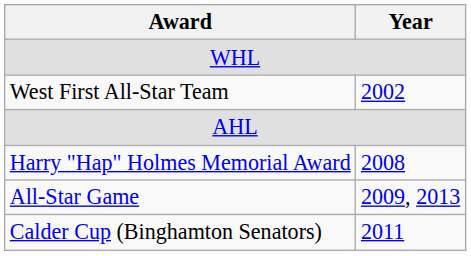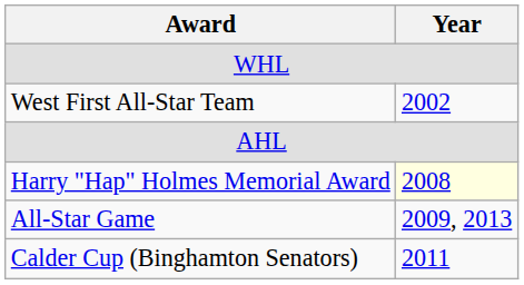 <table class="wikitable">
 <tr>
 <th>Award</th>
 <th>Year</th>
 </tr>
 <tr ALIGN="center" bgcolor="#e0e0e0">
 <td colspan="2"><a href='#'>WHL</a></td>
 </tr>
 <tr>
 <td>West First All-Star Team</td>
 <td><a href='#'>2002</a></td>
 </tr>
 <tr ALIGN="center" bgcolor="#e0e0e0">
 <td colspan="2"><a href='#'>AHL</a></td>
 </tr>
 <tr>
 <td><a href='#'>Harry "Hap" Holmes Memorial Award</a></td>
-<td><a href='#'>2008</a></td>
+<td style="background: lightyellow;"><a href='#'>2008</a></td>
 </tr>
 <tr>
 <td><a href='#'>All-Star Game</a></td>
 <td><a href='#'>2009</a>, <a href='#'>2013</a></td>
 </tr>
 <tr>
 <td><a href='#'>Calder Cup</a> (Binghamton Senators)</td>
 <td><a href='#'>2011</a></td>
 </tr>
 </table>
